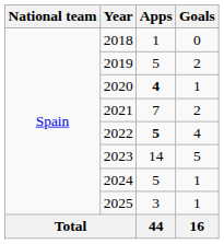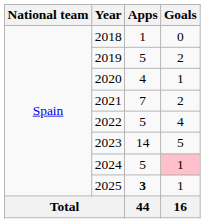 <table class="wikitable" style="text-align:center">
 <tr>
 <th>National team</th>
 <th>Year</th>
 <th>Apps</th>
 <th>Goals</th>
 </tr>
 <tr>
 <td rowspan="8"><a href='#'>Spain</a></td>
 <td>2018</td>
 <td>1</td>
 <td>0</td>
 </tr>
 <tr>
 <td>2019</td>
 <td>5</td>
 <td>2</td>
 </tr>
 <tr>
 <td>2020</td>
-<td><strong>4</strong></td>
+<td>4</td>
 <td>1</td>
 </tr>
 <tr>
 <td>2021</td>
 <td>7</td>
 <td>2</td>
 </tr>
 <tr>
 <td>2022</td>
-<td><strong>5</strong></td>
+<td>5</td>
 <td>4</td>
 </tr>
 <tr>
 <td>2023</td>
 <td>14</td>
 <td>5</td>
 </tr>
 <tr>
 <td>2024</td>
 <td>5</td>
-<td>1</td>
+<td style="background: pink;">1</td>
 </tr>
 <tr>
 <td>2025</td>
-<td>3</td>
+<td><strong>3</strong></td>
 <td>1</td>
 </tr>
 <tr>
 <th colspan="2">Total</th>
 <th>44</th>
 <th>16</th>
 </tr>
 </table>
